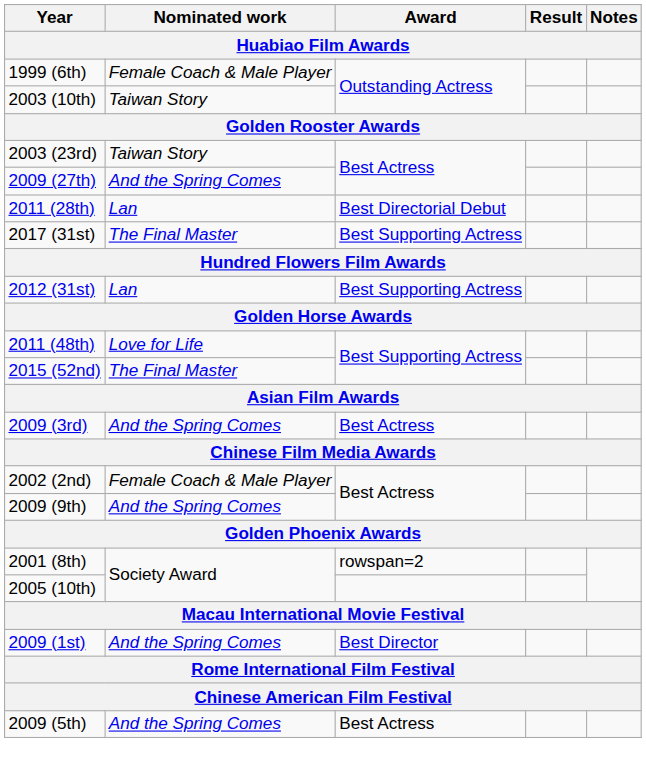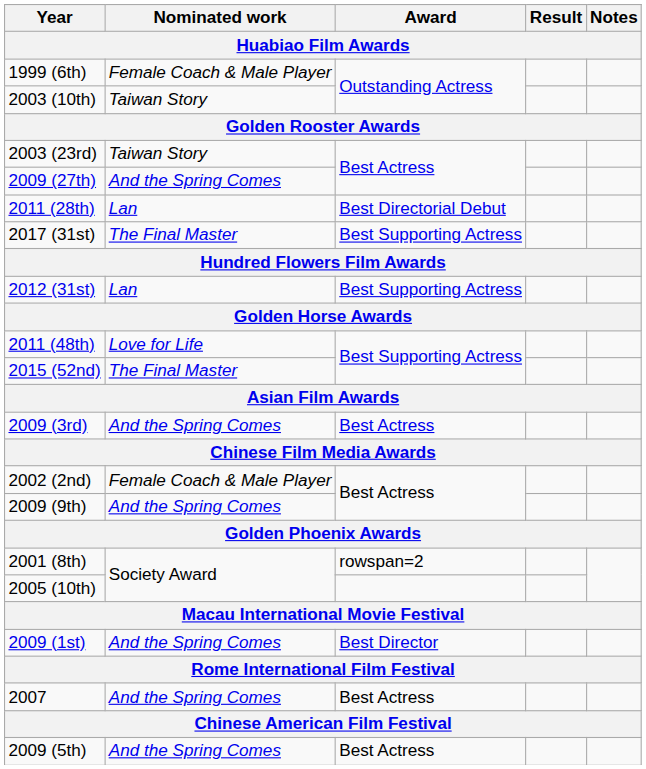 <table class="wikitable">
 <tr>
 <th>Year</th>
 <th>Nominated work</th>
 <th>Award</th>
 <th>Result</th>
 <th>Notes</th>
 </tr>
 <tr>
 <th colspan="5"><a href='#'>Huabiao Film Awards</a></th>
 </tr>
 <tr>
 <td>1999 (6th)</td>
 <td><em>Female Coach & Male Player</em></td>
 <td rowspan=2><a href='#'>Outstanding Actress</a></td>
 <td></td>
 <td></td>
 </tr>
 <tr>
 <td>2003 (10th)</td>
 <td><em>Taiwan Story</em></td>
 <td></td>
 <td></td>
 </tr>
 <tr>
 <th colspan="5"><a href='#'>Golden Rooster Awards</a></th>
 </tr>
 <tr>
 <td>2003 (23rd)</td>
 <td><em>Taiwan Story</em></td>
 <td rowspan=2><a href='#'>Best Actress</a></td>
 <td></td>
 <td></td>
 </tr>
 <tr>
 <td><a href='#'>2009 (27th)</a></td>
 <td><em><a href='#'>And the Spring Comes</a></em></td>
 <td></td>
 <td></td>
 </tr>
 <tr>
 <td><a href='#'>2011 (28th)</a></td>
 <td><em><a href='#'>Lan</a></em></td>
 <td><a href='#'>Best Directorial Debut</a></td>
 <td></td>
 <td></td>
 </tr>
 <tr>
 <td>2017 (31st)</td>
 <td><em><a href='#'>The Final Master</a></em></td>
 <td><a href='#'>Best Supporting Actress</a></td>
 <td></td>
 <td></td>
 </tr>
 <tr>
 <th colspan="5"><a href='#'>Hundred Flowers Film Awards</a></th>
 </tr>
 <tr>
 <td><a href='#'>2012 (31st)</a></td>
 <td><em><a href='#'>Lan</a></em></td>
 <td><a href='#'>Best Supporting Actress</a></td>
 <td></td>
 <td></td>
 </tr>
 <tr>
 <th colspan="5"><a href='#'>Golden Horse Awards</a></th>
 </tr>
 <tr>
 <td><a href='#'>2011 (48th)</a></td>
 <td><em><a href='#'>Love for Life</a></em></td>
 <td rowspan=2><a href='#'>Best Supporting Actress</a></td>
 <td></td>
 <td></td>
 </tr>
 <tr>
 <td><a href='#'>2015 (52nd)</a></td>
 <td><em><a href='#'>The Final Master</a></em></td>
 <td></td>
 <td></td>
 </tr>
 <tr>
 <th colspan="5"><a href='#'>Asian Film Awards</a></th>
 </tr>
 <tr>
 <td><a href='#'>2009 (3rd)</a></td>
 <td><em><a href='#'>And the Spring Comes</a></em></td>
 <td><a href='#'>Best Actress</a></td>
 <td></td>
 <td></td>
 </tr>
 <tr>
 <th colspan="5"><a href='#'>Chinese Film Media Awards</a></th>
 </tr>
 <tr>
 <td>2002 (2nd)</td>
 <td><em>Female Coach & Male Player</em></td>
 <td rowspan=2>Best Actress</td>
 <td></td>
 <td></td>
 </tr>
 <tr>
 <td>2009 (9th)</td>
 <td><em><a href='#'>And the Spring Comes</a></em></td>
 <td></td>
 <td></td>
 </tr>
 <tr>
 <th colspan="5"><a href='#'>Golden Phoenix Awards</a></th>
 </tr>
 <tr>
 <td>2001 (8th)</td>
 <td rowspan=2>Society Award</td>
 <td>rowspan=2 </td>
 <td></td>
 <td rowspan=2></td>
 </tr>
 <tr>
 <td>2005 (10th)</td>
 <td></td>
 </tr>
 <tr>
 <th colspan="5"><a href='#'>Macau International Movie Festival</a></th>
 </tr>
 <tr>
 <td><a href='#'>2009 (1st)</a></td>
 <td><em><a href='#'>And the Spring Comes</a></em></td>
 <td><a href='#'>Best Director</a></td>
 <td></td>
 <td></td>
 </tr>
 <tr>
 <th colspan="5"><a href='#'>Rome International Film Festival</a></th>
 </tr>
 <tr>
+<td>2007</td>
+<td><em><a href='#'>And the Spring Comes</a></em></td>
+<td>Best Actress</td>
+<td></td>
+<td></td>
+</tr>
+<tr>
 <th colspan="5"><a href='#'>Chinese American Film Festival</a></th>
 </tr>
 <tr>
 <td>2009 (5th)</td>
 <td><em><a href='#'>And the Spring Comes</a></em></td>
 <td>Best Actress</td>
 <td></td>
 <td></td>
 </tr>
 </table>
